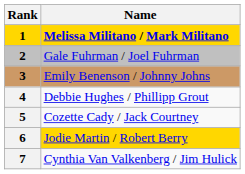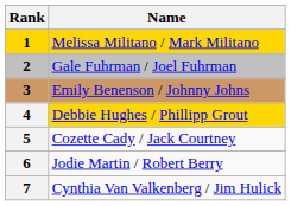 <table class="wikitable">
 <tr>
 <th>Rank</th>
 <th>Name</th>
 </tr>
 <tr bgcolor="gold">
 <td align="center"><strong>1</strong></td>
-<td><strong><a href='#'>Melissa Militano</a> / <a href='#'>Mark Militano</a></strong></td>
+<td><a href='#'>Melissa Militano</a> / <a href='#'>Mark Militano</a></td>
 </tr>
 <tr bgcolor="silver">
 <td align="center"><strong>2</strong></td>
 <td><a href='#'>Gale Fuhrman</a> / <a href='#'>Joel Fuhrman</a></td>
 </tr>
 <tr bgcolor="cc9966">
 <td align="center"><strong>3</strong></td>
 <td><a href='#'>Emily Benenson</a> / <a href='#'>Johnny Johns</a></td>
 </tr>
 <tr>
 <th>4</th>
-<td><a href='#'>Debbie Hughes</a> / <a href='#'>Phillipp Grout</a></td>
+<td style="background: gold;"><a href='#'>Debbie Hughes</a> / <a href='#'>Phillipp Grout</a></td>
 </tr>
 <tr>
 <th>5</th>
 <td><a href='#'>Cozette Cady</a> / <a href='#'>Jack Courtney</a></td>
 </tr>
 <tr>
 <th>6</th>
-<td style="background: gold;"><a href='#'>Jodie Martin</a> / <a href='#'>Robert Berry</a></td>
+<td><a href='#'>Jodie Martin</a> / <a href='#'>Robert Berry</a></td>
 </tr>
 <tr>
 <th>7</th>
 <td><a href='#'>Cynthia Van Valkenberg</a> / <a href='#'>Jim Hulick</a></td>
 </tr>
 </table>
